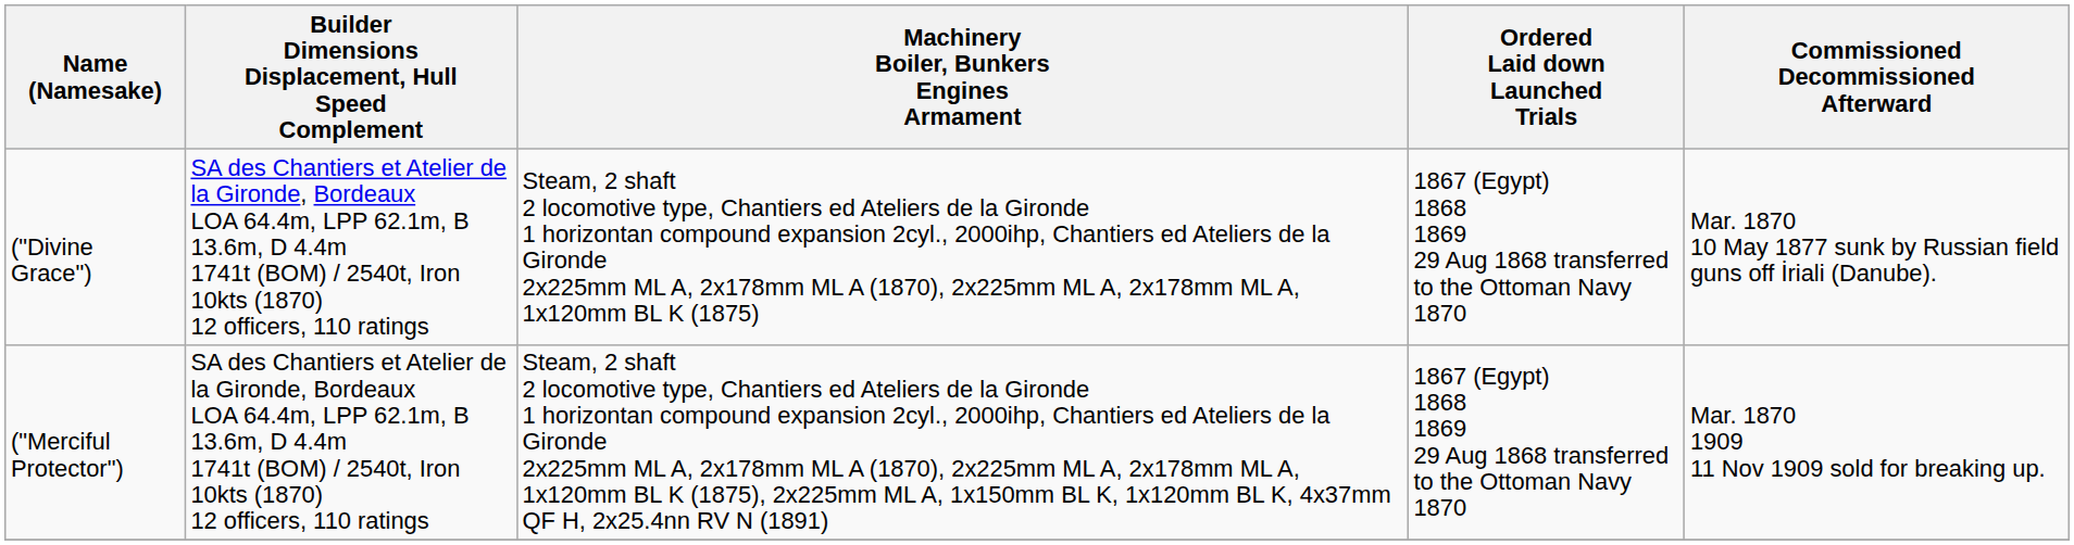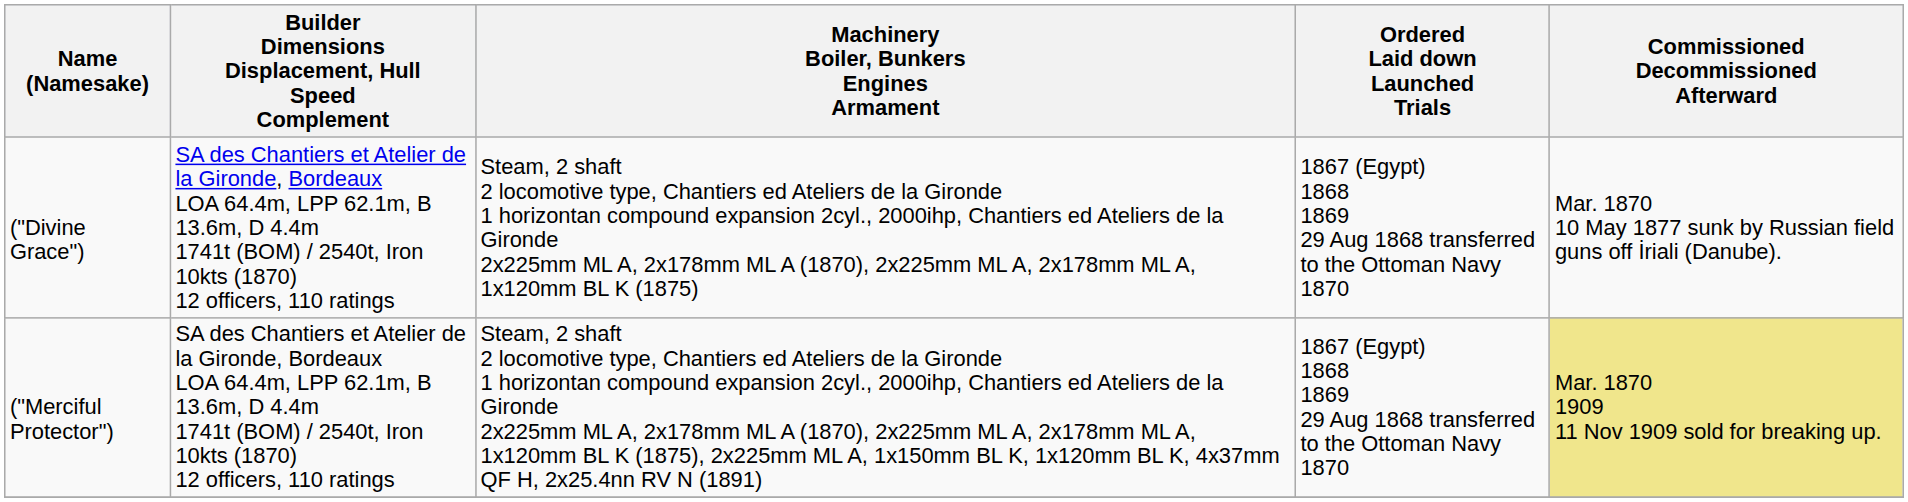 <table class="wikitable" style="font-size:90%;">
 <tr bgcolor="#e6e9ff">
 <th>Name<br>(Namesake)</th>
 <th>Builder<br>Dimensions<br>Displacement, Hull<br>Speed<br>Complement</th>
 <th>Machinery<br>Boiler, Bunkers<br>Engines<br>Armament</th>
 <th>Ordered<br>Laid down<br>Launched<br>Trials</th>
 <th>Commissioned<br>Decommissioned<br>Afterward</th>
 </tr>
 <tr ---->
 <td><br>("Divine Grace")</td>
 <td> <a href='#'>SA des Chantiers et Atelier de la Gironde</a>, <a href='#'>Bordeaux</a><br>LOA 64.4m, LPP 62.1m, B 13.6m, D 4.4m<br>1741t (BOM) / 2540t, Iron<br>10kts (1870)<br>12 officers, 110 ratings</td>
 <td>Steam, 2 shaft<br>2 locomotive type, Chantiers ed Ateliers de la Gironde<br>1 horizontan compound expansion 2cyl., 2000ihp, Chantiers ed Ateliers de la Gironde<br>2x225mm ML A, 2x178mm ML A (1870), 2x225mm ML A, 2x178mm ML A, 1x120mm BL K (1875)</td>
 <td>1867 (Egypt)<br>1868<br>1869<br>29 Aug 1868 transferred to the Ottoman Navy<br>1870</td>
 <td>Mar. 1870<br>10 May 1877 sunk by Russian field guns off İriali (Danube).</td>
 </tr>
 <tr ---->
 <td><br>("Merciful Protector")</td>
 <td> SA des Chantiers et Atelier de la Gironde, Bordeaux<br>LOA 64.4m, LPP 62.1m, B 13.6m, D 4.4m<br>1741t (BOM) / 2540t, Iron<br>10kts (1870)<br>12 officers, 110 ratings</td>
 <td>Steam, 2 shaft<br>2 locomotive type, Chantiers ed Ateliers de la Gironde<br>1 horizontan compound expansion 2cyl., 2000ihp, Chantiers ed Ateliers de la Gironde<br>2x225mm ML A, 2x178mm ML A (1870), 2x225mm ML A, 2x178mm ML A, 1x120mm BL K (1875), 2x225mm ML A, 1x150mm BL K, 1x120mm BL K, 4x37mm QF H, 2x25.4nn RV N (1891)</td>
 <td>1867 (Egypt)<br>1868<br>1869<br>29 Aug 1868 transferred to the Ottoman Navy<br>1870</td>
-<td>Mar. 1870<br>1909<br>11 Nov 1909 sold for breaking up.</td>
+<td style="background: khaki;">Mar. 1870<br>1909<br>11 Nov 1909 sold for breaking up.</td>
 </tr>
 <tr ---->
 </tr>
 </table>
